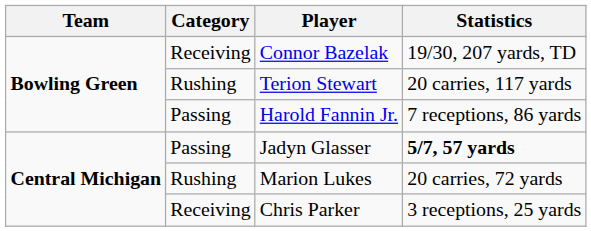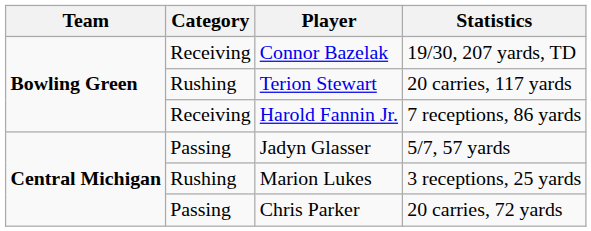 <table class="wikitable" style="float: right;">
 <tr>
 <th>Team</th>
 <th>Category</th>
 <th>Player</th>
 <th>Statistics</th>
 </tr>
 <tr>
 <td rowspan=3><strong>Bowling Green</strong></td>
 <td>Receiving</td>
 <td><a href='#'>Connor Bazelak</a></td>
 <td>19/30, 207 yards, TD</td>
 </tr>
 <tr>
 <td>Rushing</td>
 <td><a href='#'>Terion Stewart</a></td>
 <td>20 carries, 117 yards</td>
 </tr>
 <tr>
-<td>Passing</td>
+<td>Receiving</td>
 <td><a href='#'>Harold Fannin Jr.</a></td>
 <td>7 receptions, 86 yards</td>
 </tr>
 <tr>
 <td rowspan=3><strong>Central Michigan</strong></td>
 <td>Passing</td>
 <td>Jadyn Glasser</td>
-<td><strong>5/7, 57 yards</strong></td>
+<td>5/7, 57 yards</td>
 </tr>
 <tr>
 <td>Rushing</td>
 <td>Marion Lukes</td>
+<td>3 receptions, 25 yards</td>
+</tr>
+<tr>
+<td>Passing</td>
+<td>Chris Parker</td>
 <td>20 carries, 72 yards</td>
 </tr>
-<tr>
-<td>Receiving</td>
-<td>Chris Parker</td>
-<td>3 receptions, 25 yards</td>
-</tr>
 </table>
